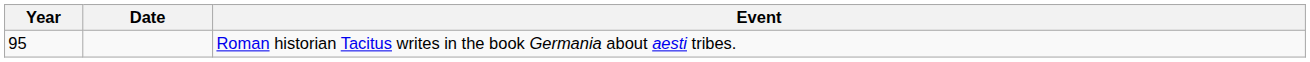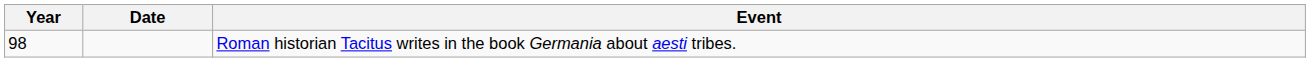 <table class="wikitable" width="100%">
 <tr>
 <th style="width:6%">Year</th>
 <th style="width:10%">Date</th>
 <th>Event</th>
 </tr>
 <tr>
-<td>95</td>
+<td>98</td>
 <td></td>
 <td><a href='#'>Roman</a> historian <a href='#'>Tacitus</a> writes in the book <em>Germania</em> about <em><a href='#'>aesti</a></em> tribes.</td>
 </tr>
 </table>
